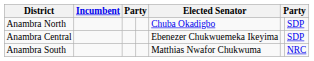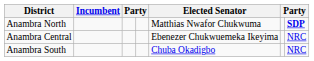 <table class="sortable wikitable" style="font-size:95%;line-height:14px;">
 <tr>
 <th class="unsortable">District</th>
 <th class="unsortable"><a href='#'>Incumbent</a></th>
 <th colspan="2">Party</th>
 <th class="unsortable">Elected Senator</th>
 <th colspan="2">Party</th>
 </tr>
 <tr>
 <td>Anambra North</td>
 <td></td>
 <td></td>
 <td></td>
-<td><a href='#'>Chuba Okadigbo</a></td>
+<td>Matthias Nwafor Chukwuma</td>
 <td style="background:"></td>
-<td><a href='#'>SDP</a></td>
+<td><strong><a href='#'>SDP</a></strong></td>
 </tr>
 <tr>
 <td>Anambra Central</td>
 <td></td>
 <td></td>
 <td></td>
 <td>Ebenezer Chukwuemeka Ikeyima</td>
 <td style="background:"></td>
-<td><a href='#'>SDP</a></td>
+<td><a href='#'>NRC</a></td>
 </tr>
 <tr>
 <td>Anambra South</td>
 <td></td>
 <td></td>
 <td></td>
-<td>Matthias Nwafor Chukwuma</td>
+<td><a href='#'>Chuba Okadigbo</a></td>
 <td style="background:"></td>
 <td><a href='#'>NRC</a></td>
 </tr>
 </table>
